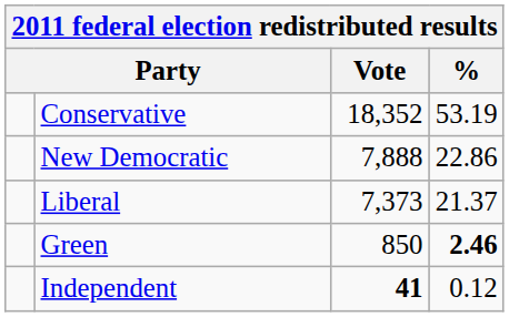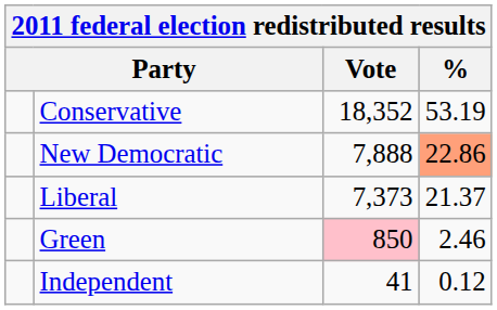 <table class="wikitable">
 <tr>
 <th colspan="4"><a href='#'>2011 federal election</a> redistributed results</th>
 </tr>
 <tr>
 <th width="130" bgcolor="#ddddff" colspan="2">Party</th>
 <th width="50" bgcolor="#ddddff">Vote</th>
 <th width="30" bgcolor="#ddddff">%</th>
 </tr>
 <tr>
 <td> </td>
 <td><a href='#'>Conservative</a></td>
 <td align=right>18,352</td>
 <td align=right>53.19</td>
 </tr>
 <tr>
 <td> </td>
 <td><a href='#'>New Democratic</a></td>
 <td align=right>7,888</td>
-<td align=right>22.86</td>
+<td align=right style="background: lightsalmon;">22.86</td>
 </tr>
 <tr>
 <td> </td>
 <td><a href='#'>Liberal</a></td>
 <td align=right>7,373</td>
 <td align=right>21.37</td>
 </tr>
 <tr>
 <td> </td>
 <td><a href='#'>Green</a></td>
-<td align=right>850</td>
-<td align=right><strong>2.46</strong></td>
+<td align=right style="background: pink;">850</td>
+<td align=right>2.46</td>
 </tr>
 <tr>
 <td> </td>
 <td><a href='#'>Independent</a></td>
-<td align=right><strong>41</strong></td>
+<td align=right>41</td>
 <td align=right>0.12</td>
 </tr>
 </table>
